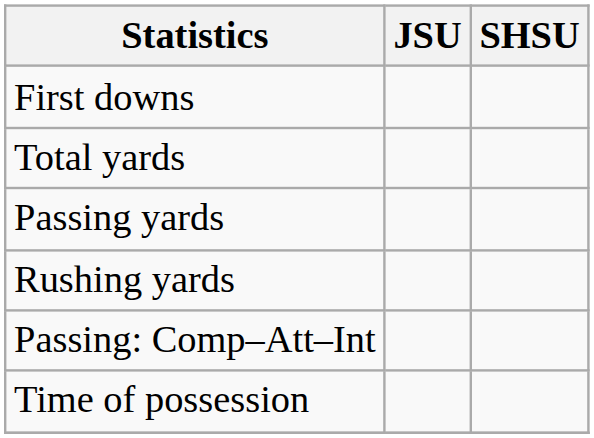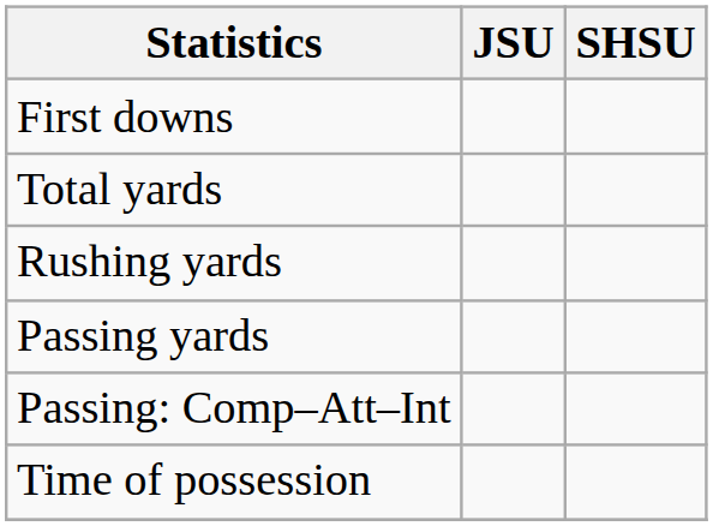 <table class="wikitable" style="float: left;">
 <tr>
 <th>Statistics</th>
 <th>JSU</th>
 <th>SHSU</th>
 </tr>
 <tr>
 <td>First downs</td>
 <td></td>
 <td></td>
 </tr>
 <tr>
 <td>Total yards</td>
 <td></td>
 <td></td>
 </tr>
 <tr>
-<td>Passing yards</td>
+<td>Rushing yards</td>
 <td></td>
 <td></td>
 </tr>
 <tr>
-<td>Rushing yards</td>
+<td>Passing yards</td>
 <td></td>
 <td></td>
 </tr>
 <tr>
 <td>Passing: Comp–Att–Int</td>
 <td></td>
 <td></td>
 </tr>
 <tr>
 <td>Time of possession</td>
 <td></td>
 <td></td>
 </tr>
 <tr>
 </tr>
 </table>
